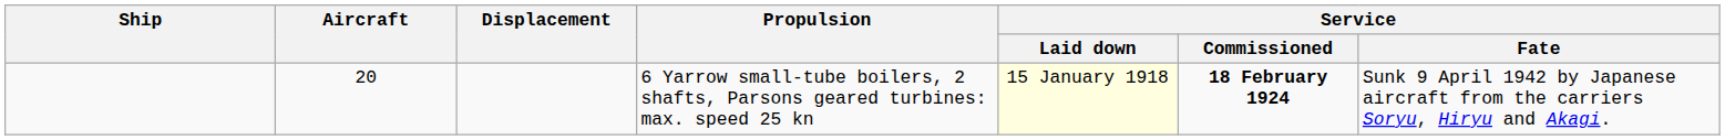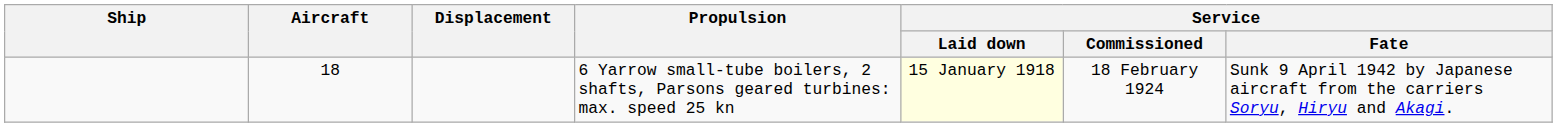 <table class="wikitable" style="width:98%;">
 <tr valign="top"|- valign="top">
 <th style="width:15%; text-align:center;" rowspan="2">Ship</th>
 <th style="width:10%; text-align:center;" rowspan="2">Aircraft</th>
 <th style="width:10%; text-align:center;" rowspan="2">Displacement</th>
 <th style="width:20%; text-align:center;" rowspan="2">Propulsion</th>
 <th style="width:40%; text-align:center;" colspan="3">Service</th>
 </tr>
 <tr valign="top">
 <th style="width:10%; text-align:center;">Laid down</th>
 <th style="width:10%; text-align:center;">Commissioned</th>
 <th style="width:20%; text-align:center;">Fate</th>
 </tr>
 <tr valign="top">
 <td align= left></td>
-<td style="text-align:center;">20</td>
+<td style="text-align:center;">18</td>
 <td style="text-align:center;"></td>
 <td align= left>6 Yarrow small-tube boilers, 2 shafts, Parsons geared turbines: max. speed 25 kn</td>
 <td style="background: lightyellow; text-align:center;">15 January 1918</td>
-<td style="text-align:center;"><strong>18 February 1924</strong></td>
+<td style="text-align:center;">18 February 1924</td>
 <td align= left>Sunk 9 April 1942 by Japanese aircraft from the carriers <em><a href='#'>Soryu</a></em>, <em><a href='#'>Hiryu</a></em> and <em><a href='#'>Akagi</a></em>.</td>
 </tr>
 </table>
